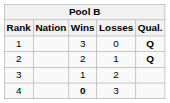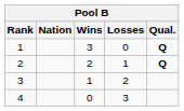 <table class="wikitable" style="text-align:center">
 <tr>
 <th colspan=5 align=center><strong>Pool B</strong></th>
 </tr>
 <tr>
 <th>Rank</th>
 <th>Nation</th>
 <th>Wins</th>
 <th>Losses</th>
 <th>Qual.</th>
 </tr>
 <tr>
 <td>1</td>
 <td align=left></td>
 <td>3</td>
 <td>0</td>
 <td><strong>Q</strong></td>
 </tr>
 <tr>
 <td>2</td>
 <td align=left></td>
 <td>2</td>
 <td>1</td>
 <td><strong>Q</strong></td>
 </tr>
 <tr>
 <td>3</td>
 <td align=left></td>
 <td>1</td>
 <td>2</td>
 <td></td>
 </tr>
 <tr>
 <td>4</td>
 <td align=left></td>
-<td><strong>0</strong></td>
+<td>0</td>
 <td>3</td>
 <td></td>
 </tr>
 </table>
